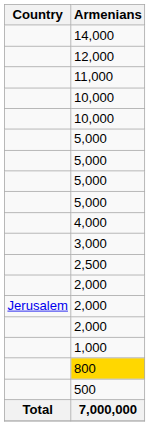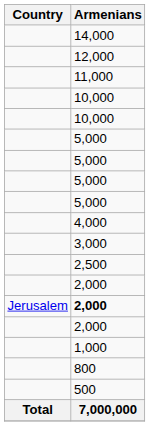 <table class="wikitable">
 <tr>
 <th>Country</th>
 <th>Armenians</th>
 </tr>
 <tr>
 <td></td>
 <td>14,000</td>
 </tr>
 <tr>
 <td></td>
 <td>12,000</td>
 </tr>
 <tr>
 <td></td>
 <td>11,000</td>
 </tr>
 <tr>
 <td></td>
 <td>10,000</td>
 </tr>
 <tr>
 <td></td>
 <td>10,000</td>
 </tr>
 <tr>
 <td></td>
 <td>5,000</td>
 </tr>
 <tr>
 <td></td>
 <td>5,000</td>
 </tr>
 <tr>
 <td></td>
 <td>5,000</td>
 </tr>
 <tr>
 <td></td>
 <td>5,000</td>
 </tr>
 <tr>
 <td></td>
 <td>4,000</td>
 </tr>
 <tr>
 <td></td>
 <td>3,000</td>
 </tr>
 <tr>
 <td></td>
 <td>2,500</td>
 </tr>
 <tr>
 <td></td>
 <td>2,000</td>
 </tr>
 <tr>
 <td> <a href='#'>Jerusalem</a></td>
-<td>2,000</td>
+<td><strong>2,000</strong></td>
 </tr>
 <tr>
 <td></td>
 <td>2,000</td>
 </tr>
 <tr>
 <td></td>
 <td>1,000</td>
 </tr>
 <tr>
 <td></td>
-<td style="background: gold;">800</td>
+<td>800</td>
 </tr>
 <tr>
 <td></td>
 <td>500</td>
 </tr>
 <tr>
 <th>Total</th>
 <th>7,000,000</th>
 </tr>
 <tr>
 </tr>
 </table>
